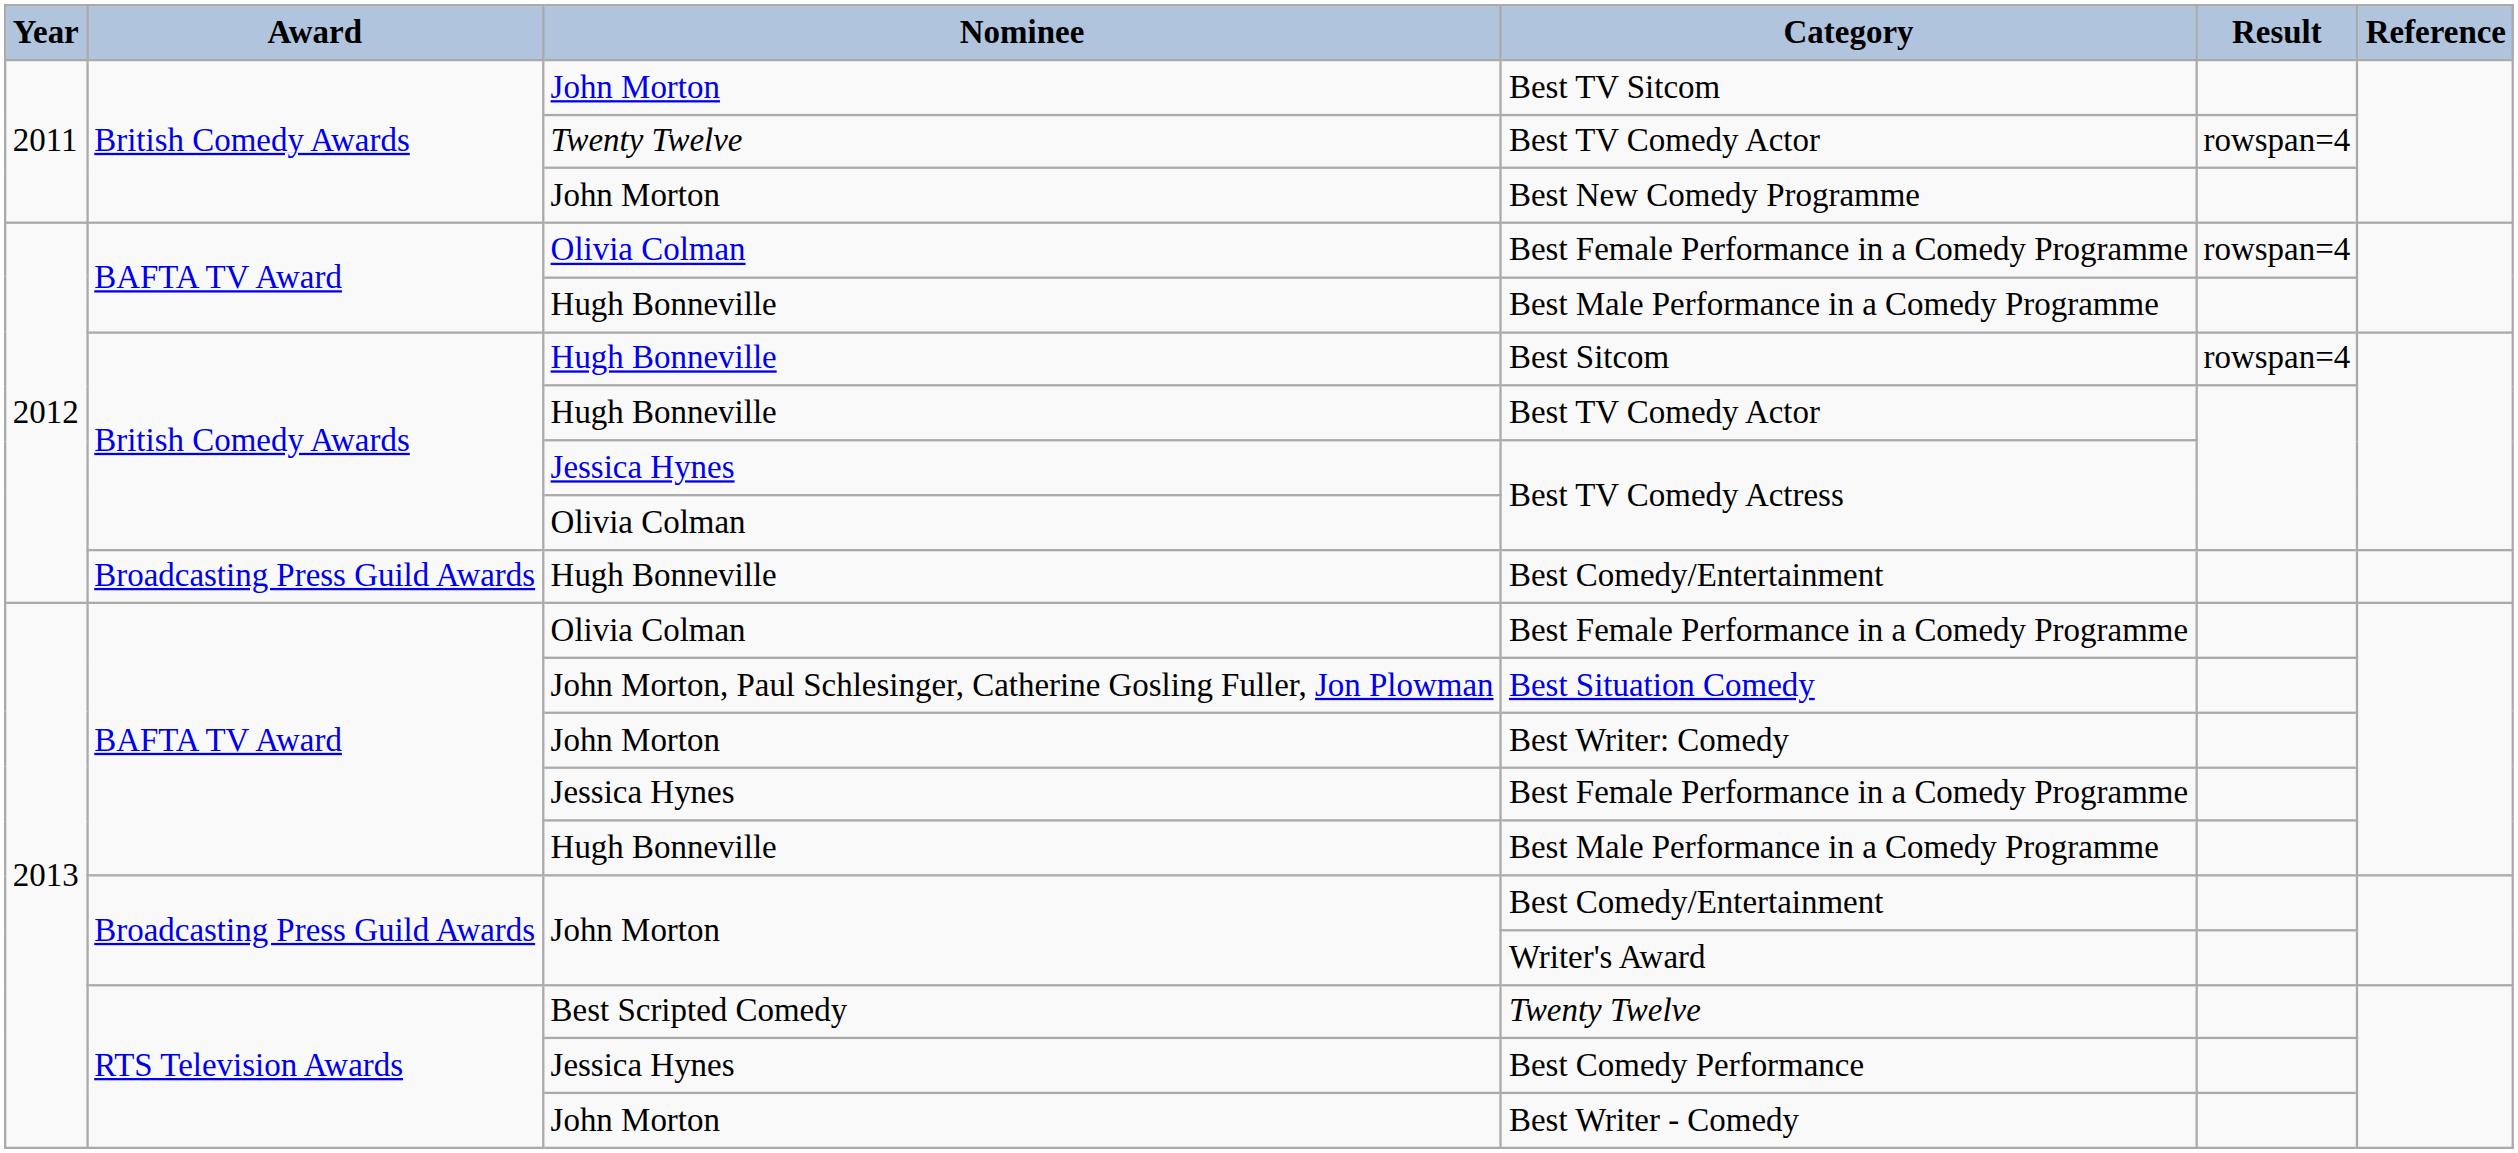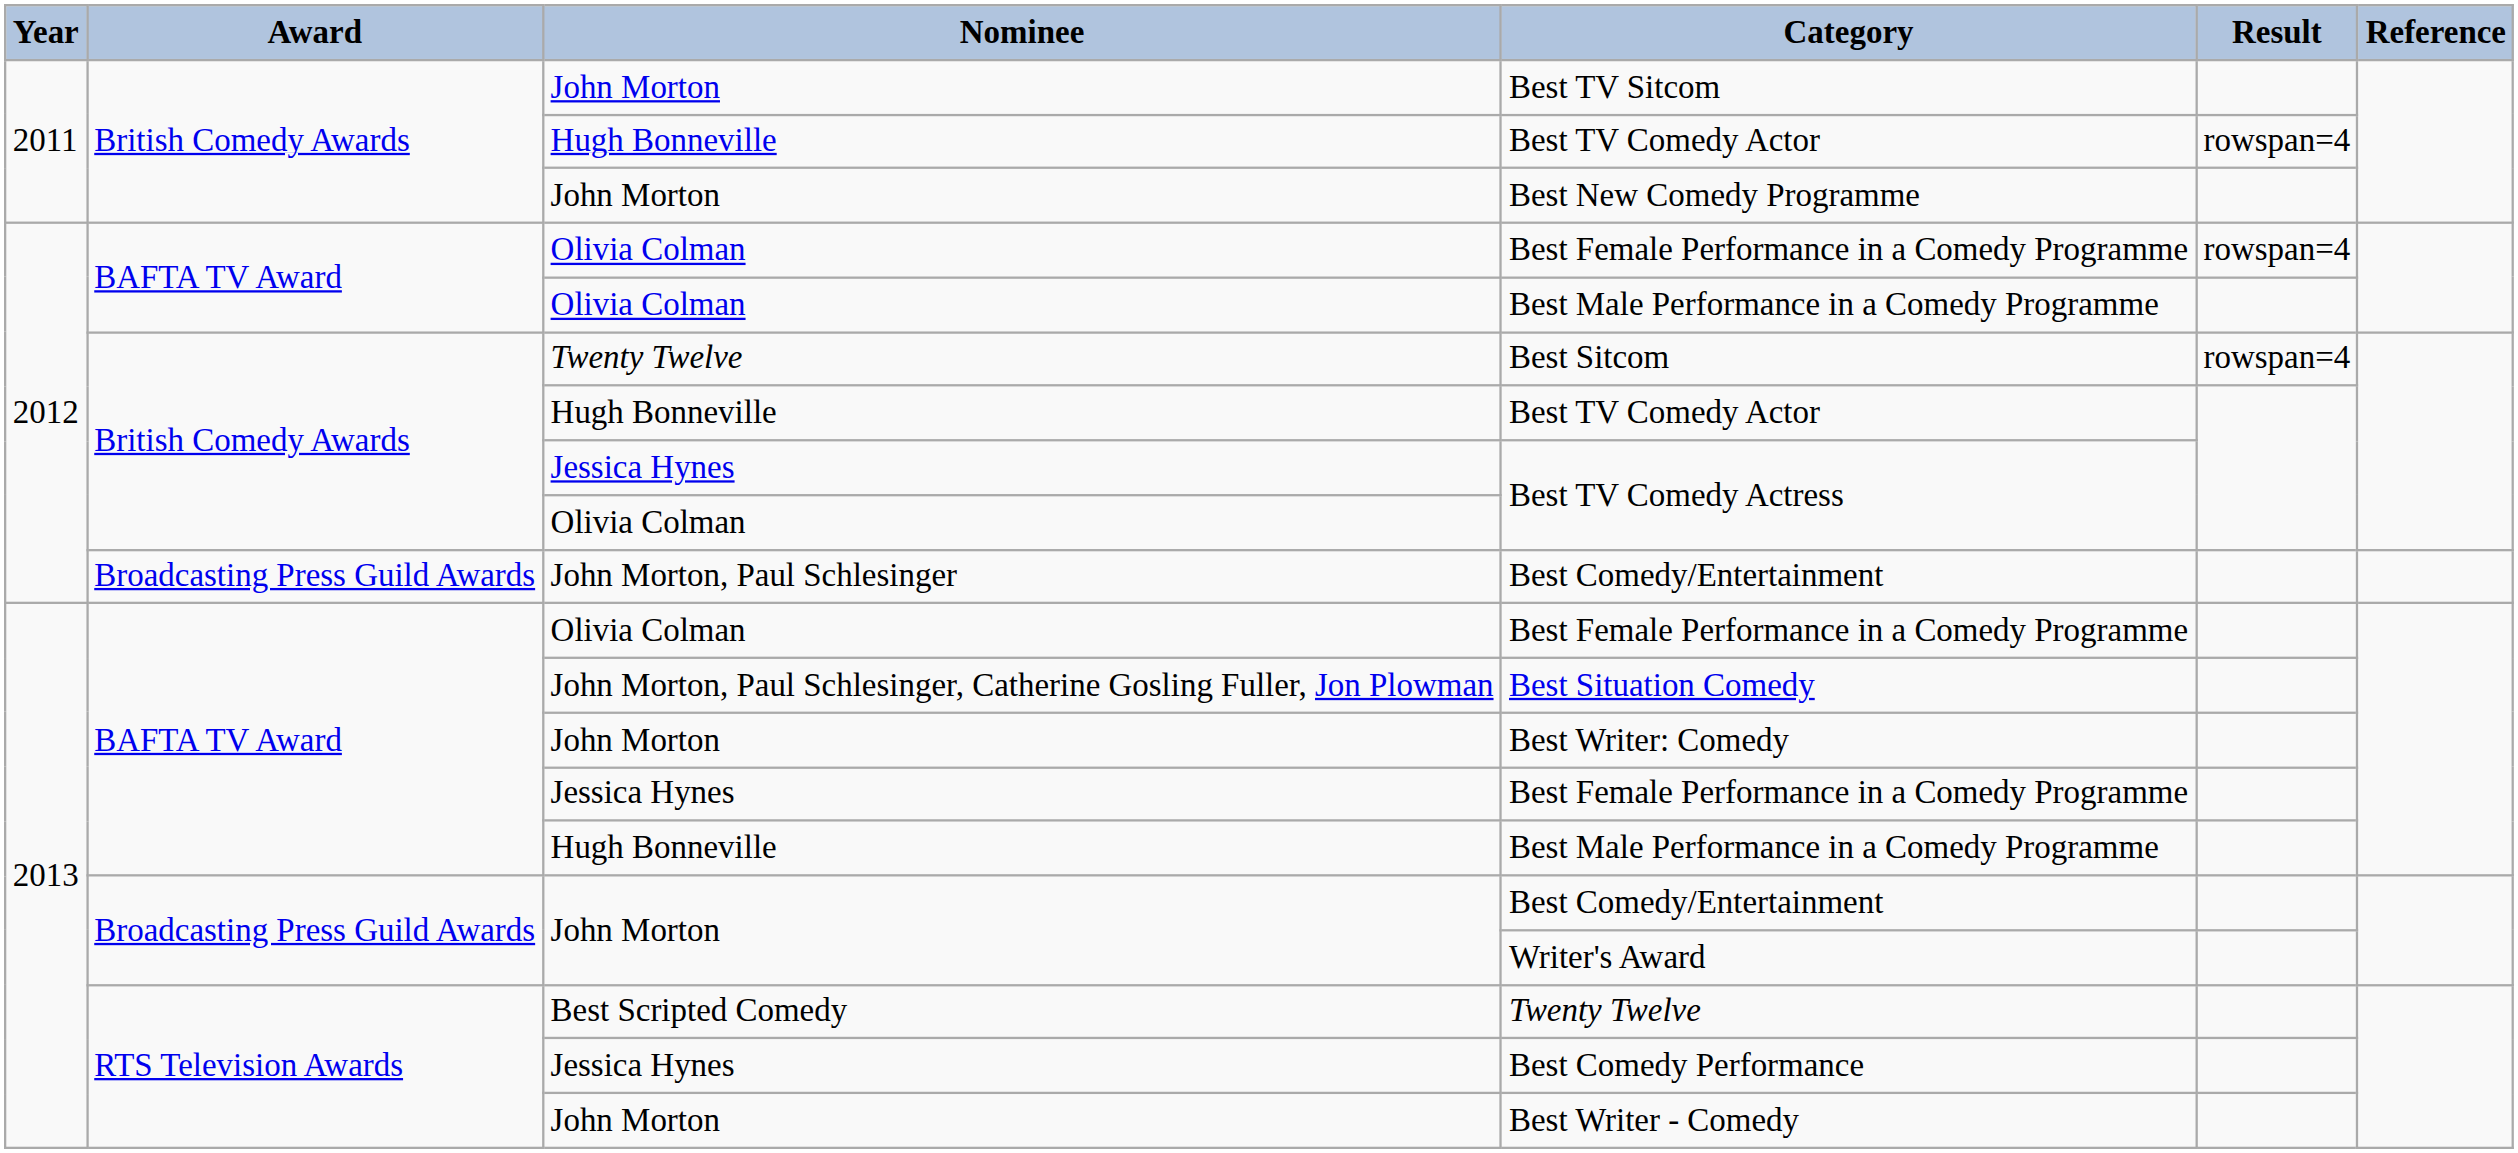 <table class="wikitable" style="font-size:90%">
 <tr style="text-align:center;">
 <th style="background:#B0C4DE;">Year</th>
 <th style="background:#B0C4DE;">Award</th>
 <th style="background:#B0C4DE;">Nominee</th>
 <th style="background:#B0C4DE;">Category</th>
 <th style="background:#B0C4DE;">Result</th>
 <th style="background:#B0C4DE;">Reference</th>
 </tr>
 <tr>
 <td rowspan=3>2011</td>
 <td rowspan=3><a href='#'>British Comedy Awards</a></td>
 <td><a href='#'>John Morton</a></td>
 <td>Best TV Sitcom</td>
 <td></td>
 <td rowspan=3></td>
 </tr>
 <tr>
-<td><em>Twenty Twelve</em></td>
+<td><a href='#'>Hugh Bonneville</a></td>
 <td>Best TV Comedy Actor</td>
 <td>rowspan=4 </td>
 </tr>
 <tr>
 <td>John Morton</td>
 <td>Best New Comedy Programme</td>
 </tr>
 <tr>
 <td rowspan=7>2012</td>
 <td rowspan=2><a href='#'>BAFTA TV Award</a></td>
 <td><a href='#'>Olivia Colman</a></td>
 <td>Best Female Performance in a Comedy Programme</td>
 <td>rowspan=4 </td>
 <td rowspan=2></td>
 </tr>
 <tr>
-<td>Hugh Bonneville</td>
+<td><a href='#'>Olivia Colman</a></td>
 <td>Best Male Performance in a Comedy Programme</td>
 </tr>
 <tr>
 <td rowspan=4><a href='#'>British Comedy Awards</a></td>
-<td><a href='#'>Hugh Bonneville</a></td>
+<td><em>Twenty Twelve</em></td>
 <td>Best Sitcom</td>
 <td>rowspan=4 </td>
 <td rowspan=4></td>
 </tr>
 <tr>
 <td>Hugh Bonneville</td>
 <td>Best TV Comedy Actor</td>
 </tr>
 <tr>
 <td><a href='#'>Jessica Hynes</a></td>
 <td rowspan=2>Best TV Comedy Actress</td>
 </tr>
 <tr>
 <td>Olivia Colman</td>
 </tr>
 <tr>
 <td><a href='#'>Broadcasting Press Guild Awards</a></td>
-<td>Hugh Bonneville</td>
+<td>John Morton, Paul Schlesinger</td>
 <td>Best Comedy/Entertainment</td>
 <td></td>
 <td></td>
 </tr>
 <tr>
 <td rowspan=10>2013</td>
 <td rowspan=5><a href='#'>BAFTA TV Award</a></td>
 <td>Olivia Colman</td>
 <td>Best Female Performance in a Comedy Programme</td>
 <td></td>
 <td rowspan=5></td>
 </tr>
 <tr>
 <td>John Morton, Paul Schlesinger, Catherine Gosling Fuller, <a href='#'>Jon Plowman</a></td>
 <td><a href='#'>Best Situation Comedy</a></td>
 <td></td>
 </tr>
 <tr>
 <td>John Morton</td>
 <td>Best Writer: Comedy</td>
 <td></td>
 </tr>
 <tr>
 <td>Jessica Hynes</td>
 <td>Best Female Performance in a Comedy Programme</td>
 <td></td>
 </tr>
 <tr>
 <td>Hugh Bonneville</td>
 <td>Best Male Performance in a Comedy Programme</td>
 <td></td>
 </tr>
 <tr>
 <td rowspan=2><a href='#'>Broadcasting Press Guild Awards</a></td>
 <td rowspan=2>John Morton</td>
 <td>Best Comedy/Entertainment</td>
 <td></td>
 <td rowspan=2></td>
 </tr>
 <tr>
 <td>Writer's Award</td>
 <td></td>
 </tr>
 <tr>
 <td rowspan=3><a href='#'>RTS Television Awards</a></td>
 <td>Best Scripted Comedy</td>
 <td><em>Twenty Twelve</em></td>
 <td></td>
 <td rowspan=3></td>
 </tr>
 <tr>
 <td>Jessica Hynes</td>
 <td>Best Comedy Performance</td>
 <td></td>
 </tr>
 <tr>
 <td>John Morton</td>
 <td>Best Writer - Comedy</td>
 <td></td>
 </tr>
 </table>
